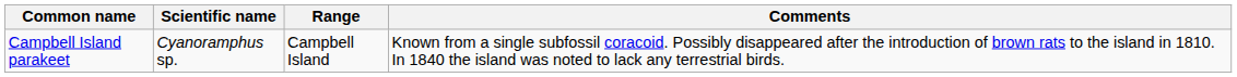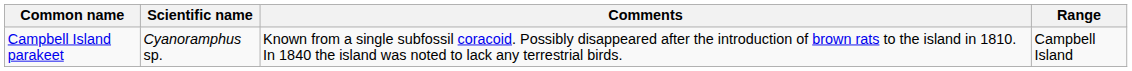 <table class="wikitable">
 <tr>
 <th>Common name</th>
 <th>Scientific name</th>
+<th class="unsortable">Comments</th>
 <th>Range</th>
-<th class="unsortable">Comments</th>
 </tr>
 <tr>
 <td><a href='#'>Campbell Island parakeet</a></td>
 <td><em>Cyanoramphus</em> sp.</td>
+<td>Known from a single subfossil <a href='#'>coracoid</a>. Possibly disappeared after the introduction of <a href='#'>brown rats</a> to the island in 1810. In 1840 the island was noted to lack any terrestrial birds.</td>
 <td>Campbell Island</td>
-<td>Known from a single subfossil <a href='#'>coracoid</a>. Possibly disappeared after the introduction of <a href='#'>brown rats</a> to the island in 1810. In 1840 the island was noted to lack any terrestrial birds.</td>
 </tr>
 </table>
